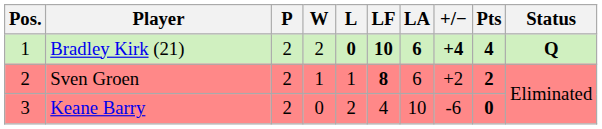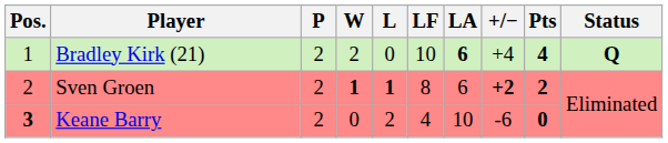 <table class="wikitable" style="text-align:center; margin: 1em auto 1em auto, align:left">
 <tr>
 <th width=20>Pos.</th>
 <th width=185>Player</th>
 <th width=20>P</th>
 <th width=20>W</th>
 <th width=20>L</th>
 <th width=20>LF</th>
 <th width=20>LA</th>
 <th width=25>+/−</th>
 <th width=20>Pts</th>
 <th width=70>Status</th>
 </tr>
 <tr style="background:#D0F0C0;">
 <td>1</td>
 <td align=left> <a href='#'>Bradley Kirk</a> (21)</td>
 <td>2</td>
 <td>2</td>
-<td><strong>0</strong></td>
-<td><strong>10</strong></td>
+<td>0</td>
+<td>10</td>
 <td><strong>6</strong></td>
-<td><strong>+4</strong></td>
+<td>+4</td>
 <td><strong>4</strong></td>
 <td rowspan=1><strong>Q</strong></td>
 </tr>
 <tr style="background:#FF8888;">
 <td>2</td>
 <td align=left> Sven Groen</td>
 <td>2</td>
-<td>1</td>
-<td>1</td>
-<td><strong>8</strong></td>
+<td><strong>1</strong></td>
+<td><strong>1</strong></td>
+<td>8</td>
 <td>6</td>
-<td>+2</td>
+<td><strong>+2</strong></td>
 <td><strong>2</strong></td>
 <td rowspan=2>Eliminated</td>
 </tr>
 <tr style="background:#FF8888;">
-<td>3</td>
+<td><strong>3</strong></td>
 <td align=left> <a href='#'>Keane Barry</a></td>
 <td>2</td>
 <td>0</td>
 <td>2</td>
 <td>4</td>
 <td>10</td>
 <td>-6</td>
 <td><strong>0</strong></td>
 </tr>
 </table>
